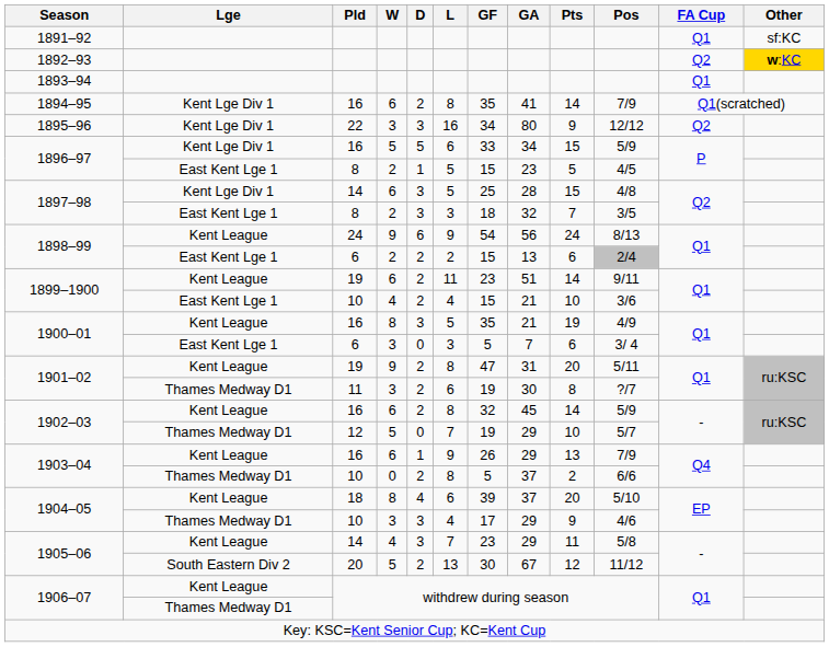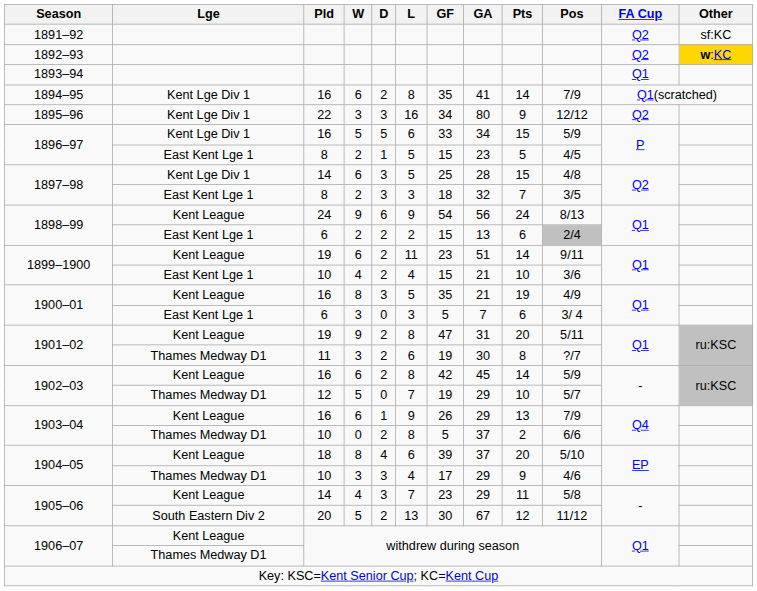 <table class="wikitable" style="width:75%; align:center; text-align:center">
 <tr>
 <th>Season</th>
 <th>Lge</th>
 <th>Pld</th>
 <th>W</th>
 <th>D</th>
 <th>L</th>
 <th>GF</th>
 <th>GA</th>
 <th>Pts</th>
 <th>Pos</th>
 <th><a href='#'>FA Cup</a></th>
 <th>Other</th>
 </tr>
 <tr>
 <td>1891–92</td>
 <td></td>
 <td></td>
 <td></td>
 <td></td>
 <td></td>
 <td></td>
 <td></td>
 <td></td>
 <td></td>
-<td><a href='#'>Q1</a></td>
+<td><a href='#'>Q2</a></td>
 <td>sf:KC</td>
 </tr>
 <tr>
 <td>1892–93</td>
 <td></td>
 <td></td>
 <td></td>
 <td></td>
 <td></td>
 <td></td>
 <td></td>
 <td></td>
 <td></td>
 <td><a href='#'>Q2</a></td>
 <td bgcolor=gold><strong>w</strong>:<a href='#'>KC</a></td>
 </tr>
 <tr>
 <td>1893–94</td>
 <td></td>
 <td></td>
 <td></td>
 <td></td>
 <td></td>
 <td></td>
 <td></td>
 <td></td>
 <td></td>
 <td><a href='#'>Q1</a></td>
 <td></td>
 </tr>
 <tr>
 <td>1894–95</td>
 <td>Kent Lge Div 1</td>
 <td>16</td>
 <td>6</td>
 <td>2</td>
 <td>8</td>
 <td>35</td>
 <td>41</td>
 <td>14</td>
 <td>7/9</td>
 <td colspan="2"><a href='#'>Q1</a>(scratched)</td>
 </tr>
 <tr>
 <td>1895–96</td>
 <td>Kent Lge Div 1</td>
 <td>22</td>
 <td>3</td>
 <td>3</td>
 <td>16</td>
 <td>34</td>
 <td>80</td>
 <td>9</td>
 <td>12/12</td>
 <td><a href='#'>Q2</a></td>
 <td></td>
 </tr>
 <tr>
 <td rowspan="2">1896–97</td>
 <td>Kent Lge Div 1</td>
 <td>16</td>
 <td>5</td>
 <td>5</td>
 <td>6</td>
 <td>33</td>
 <td>34</td>
 <td>15</td>
 <td>5/9</td>
 <td rowspan="2"><a href='#'>P</a></td>
 <td></td>
 </tr>
 <tr>
 <td>East Kent Lge 1</td>
 <td>8</td>
 <td>2</td>
 <td>1</td>
 <td>5</td>
 <td>15</td>
 <td>23</td>
 <td>5</td>
 <td>4/5</td>
 <td></td>
 </tr>
 <tr>
 <td rowspan="2">1897–98</td>
 <td>Kent Lge Div 1</td>
 <td>14</td>
 <td>6</td>
 <td>3</td>
 <td>5</td>
 <td>25</td>
 <td>28</td>
 <td>15</td>
 <td>4/8</td>
 <td rowspan="2"><a href='#'>Q2</a></td>
 <td></td>
 </tr>
 <tr>
 <td>East Kent Lge 1</td>
 <td>8</td>
 <td>2</td>
 <td>3</td>
 <td>3</td>
 <td>18</td>
 <td>32</td>
 <td>7</td>
 <td>3/5</td>
 <td></td>
 </tr>
 <tr>
 <td rowspan="2">1898–99</td>
 <td>Kent League</td>
 <td>24</td>
 <td>9</td>
 <td>6</td>
 <td>9</td>
 <td>54</td>
 <td>56</td>
 <td>24</td>
 <td>8/13</td>
 <td rowspan="2"><a href='#'>Q1</a></td>
 <td></td>
 </tr>
 <tr>
 <td>East Kent Lge 1</td>
 <td>6</td>
 <td>2</td>
 <td>2</td>
 <td>2</td>
 <td>15</td>
 <td>13</td>
 <td>6</td>
 <td bgcolor=silver>2/4</td>
 <td></td>
 </tr>
 <tr>
 <td rowspan="2">1899–1900</td>
 <td>Kent League</td>
 <td>19</td>
 <td>6</td>
 <td>2</td>
 <td>11</td>
 <td>23</td>
 <td>51</td>
 <td>14</td>
 <td>9/11</td>
 <td rowspan="2"><a href='#'>Q1</a></td>
 <td></td>
 </tr>
 <tr>
 <td>East Kent Lge 1</td>
 <td>10</td>
 <td>4</td>
 <td>2</td>
 <td>4</td>
 <td>15</td>
 <td>21</td>
 <td>10</td>
 <td>3/6</td>
 <td></td>
 </tr>
 <tr>
 <td rowspan="2">1900–01</td>
 <td>Kent League</td>
 <td>16</td>
 <td>8</td>
 <td>3</td>
 <td>5</td>
 <td>35</td>
 <td>21</td>
 <td>19</td>
 <td>4/9</td>
 <td rowspan="2"><a href='#'>Q1</a></td>
 <td></td>
 </tr>
 <tr>
 <td>East Kent Lge 1</td>
 <td>6</td>
 <td>3</td>
 <td>0</td>
 <td>3</td>
 <td>5</td>
 <td>7</td>
 <td>6</td>
 <td>3/ 4</td>
 <td></td>
 </tr>
 <tr>
 <td rowspan="2">1901–02</td>
 <td>Kent League</td>
 <td>19</td>
 <td>9</td>
 <td>2</td>
 <td>8</td>
 <td>47</td>
 <td>31</td>
 <td>20</td>
 <td>5/11</td>
 <td rowspan="2"><a href='#'>Q1</a></td>
 <td bgcolor=silver rowspan="2">ru:KSC</td>
 </tr>
 <tr>
 <td>Thames Medway D1</td>
 <td>11</td>
 <td>3</td>
 <td>2</td>
 <td>6</td>
 <td>19</td>
 <td>30</td>
 <td>8</td>
 <td>?/7</td>
 </tr>
 <tr>
 <td rowspan="2">1902–03</td>
 <td>Kent League</td>
 <td>16</td>
 <td>6</td>
 <td>2</td>
 <td>8</td>
-<td>32</td>
+<td>42</td>
 <td>45</td>
 <td>14</td>
 <td>5/9</td>
 <td rowspan="2">-</td>
 <td rowspan="2" bgcolor=silver>ru:KSC</td>
 </tr>
 <tr>
 <td>Thames Medway D1</td>
 <td>12</td>
 <td>5</td>
 <td>0</td>
 <td>7</td>
 <td>19</td>
 <td>29</td>
 <td>10</td>
 <td>5/7</td>
 </tr>
 <tr>
 <td rowspan="2">1903–04</td>
 <td>Kent League</td>
 <td>16</td>
 <td>6</td>
 <td>1</td>
 <td>9</td>
 <td>26</td>
 <td>29</td>
 <td>13</td>
 <td>7/9</td>
 <td rowspan="2"><a href='#'>Q4</a></td>
 <td></td>
 </tr>
 <tr>
 <td>Thames Medway D1</td>
 <td>10</td>
 <td>0</td>
 <td>2</td>
 <td>8</td>
 <td>5</td>
 <td>37</td>
 <td>2</td>
 <td>6/6</td>
 <td></td>
 </tr>
 <tr>
 <td rowspan="2">1904–05</td>
 <td>Kent League</td>
 <td>18</td>
 <td>8</td>
 <td>4</td>
 <td>6</td>
 <td>39</td>
 <td>37</td>
 <td>20</td>
 <td>5/10</td>
 <td rowspan="2"><a href='#'>EP</a></td>
 <td></td>
 </tr>
 <tr>
 <td>Thames Medway D1</td>
 <td>10</td>
 <td>3</td>
 <td>3</td>
 <td>4</td>
 <td>17</td>
 <td>29</td>
 <td>9</td>
 <td>4/6</td>
 <td></td>
 </tr>
 <tr>
 <td rowspan="2">1905–06</td>
 <td>Kent League</td>
 <td>14</td>
 <td>4</td>
 <td>3</td>
 <td>7</td>
 <td>23</td>
 <td>29</td>
 <td>11</td>
 <td>5/8</td>
 <td rowspan="2">-</td>
 <td></td>
 </tr>
 <tr>
 <td>South Eastern Div 2</td>
 <td>20</td>
 <td>5</td>
 <td>2</td>
 <td>13</td>
 <td>30</td>
 <td>67</td>
 <td>12</td>
 <td>11/12</td>
 <td></td>
 </tr>
 <tr>
 <td rowspan="2">1906–07</td>
 <td>Kent League</td>
 <td colspan="8" rowspan="2">withdrew during season</td>
 <td rowspan="2"><a href='#'>Q1</a></td>
 <td></td>
 </tr>
 <tr>
 <td>Thames Medway D1</td>
 </tr>
 <tr>
 <td colspan="12">Key: KSC=<a href='#'>Kent Senior Cup</a>; KC=<a href='#'>Kent Cup</a></td>
 </tr>
 </table>
